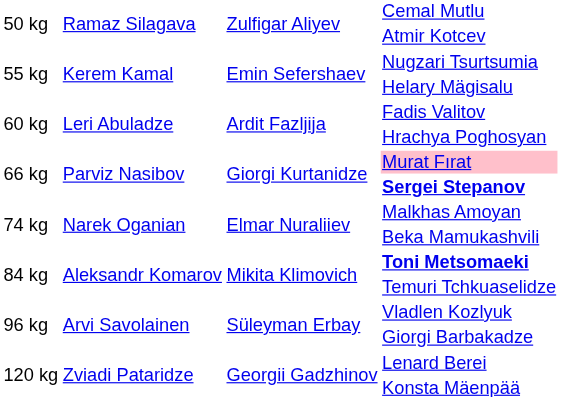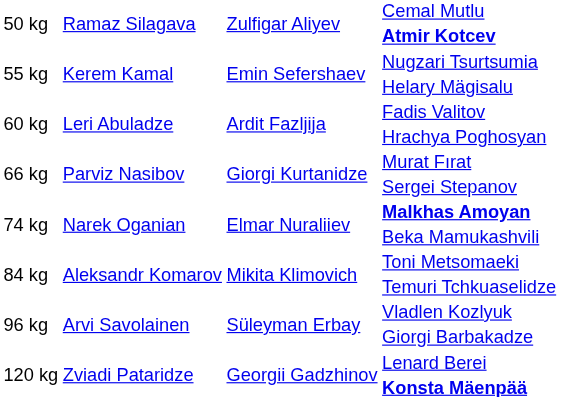 <table>
 <tr>
 <td rowspan=2>50 kg</td>
 <td rowspan=2> <a href='#'>Ramaz Silagava</a></td>
 <td rowspan=2> <a href='#'>Zulfigar Aliyev</a></td>
 <td> <a href='#'>Cemal Mutlu</a></td>
 </tr>
 <tr>
-<td> <a href='#'>Atmir Kotcev</a></td>
+<td><strong> <a href='#'>Atmir Kotcev</a></strong></td>
 </tr>
 <tr>
 <td rowspan=2>55 kg</td>
 <td rowspan=2> <a href='#'>Kerem Kamal</a></td>
 <td rowspan=2> <a href='#'>Emin Sefershaev</a></td>
 <td> <a href='#'>Nugzari Tsurtsumia</a></td>
 </tr>
 <tr>
 <td> <a href='#'>Helary Mägisalu</a></td>
 </tr>
 <tr>
 <td rowspan=2>60 kg</td>
 <td rowspan=2> <a href='#'>Leri Abuladze</a></td>
 <td rowspan=2> <a href='#'>Ardit Fazljija</a></td>
 <td> <a href='#'>Fadis Valitov</a></td>
 </tr>
 <tr>
 <td> <a href='#'>Hrachya Poghosyan</a></td>
 </tr>
 <tr>
 <td rowspan=2>66 kg</td>
 <td rowspan=2> <a href='#'>Parviz Nasibov</a></td>
 <td rowspan=2> <a href='#'>Giorgi Kurtanidze</a></td>
-<td style="background: pink;"> <a href='#'>Murat Fırat</a></td>
+<td> <a href='#'>Murat Fırat</a></td>
 </tr>
 <tr>
-<td><strong> <a href='#'>Sergei Stepanov</a></strong></td>
+<td> <a href='#'>Sergei Stepanov</a></td>
 </tr>
 <tr>
 <td rowspan=2>74 kg</td>
 <td rowspan=2> <a href='#'>Narek Oganian</a></td>
 <td rowspan=2> <a href='#'>Elmar Nuraliiev</a></td>
-<td> <a href='#'>Malkhas Amoyan</a></td>
+<td><strong> <a href='#'>Malkhas Amoyan</a></strong></td>
 </tr>
 <tr>
 <td> <a href='#'>Beka Mamukashvili</a></td>
 </tr>
 <tr>
 <td rowspan=2>84 kg</td>
 <td rowspan=2> <a href='#'>Aleksandr Komarov</a></td>
 <td rowspan=2> <a href='#'>Mikita Klimovich</a></td>
-<td><strong> <a href='#'>Toni Metsomaeki</a></strong></td>
+<td> <a href='#'>Toni Metsomaeki</a></td>
 </tr>
 <tr>
 <td> <a href='#'>Temuri Tchkuaselidze</a></td>
 </tr>
 <tr>
 <td rowspan=2>96 kg</td>
 <td rowspan=2> <a href='#'>Arvi Savolainen</a></td>
 <td rowspan=2> <a href='#'>Süleyman Erbay</a></td>
 <td> <a href='#'>Vladlen Kozlyuk</a></td>
 </tr>
 <tr>
 <td> <a href='#'>Giorgi Barbakadze</a></td>
 </tr>
 <tr>
 <td rowspan=2>120 kg</td>
 <td rowspan=2> <a href='#'>Zviadi Pataridze</a></td>
 <td rowspan=2> <a href='#'>Georgii Gadzhinov</a></td>
 <td> <a href='#'>Lenard Berei</a></td>
 </tr>
 <tr>
-<td> <a href='#'>Konsta Mäenpää</a></td>
+<td><strong> <a href='#'>Konsta Mäenpää</a></strong></td>
 </tr>
 </table>
